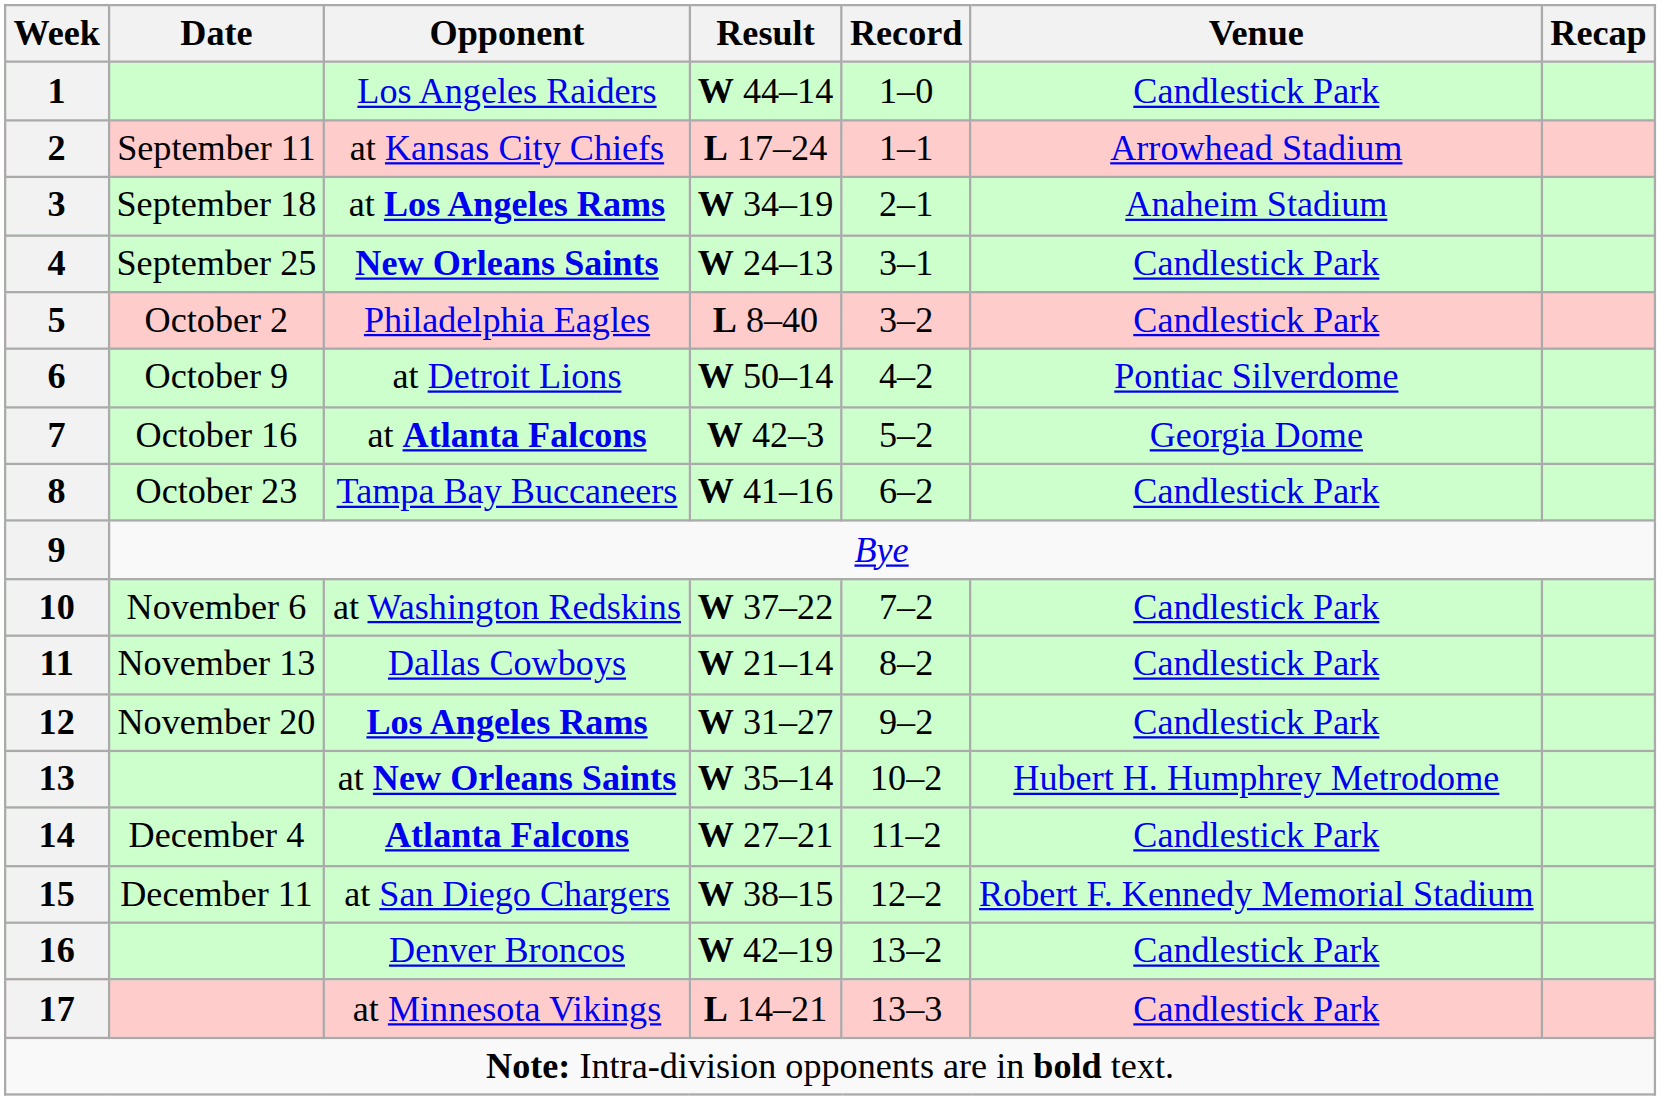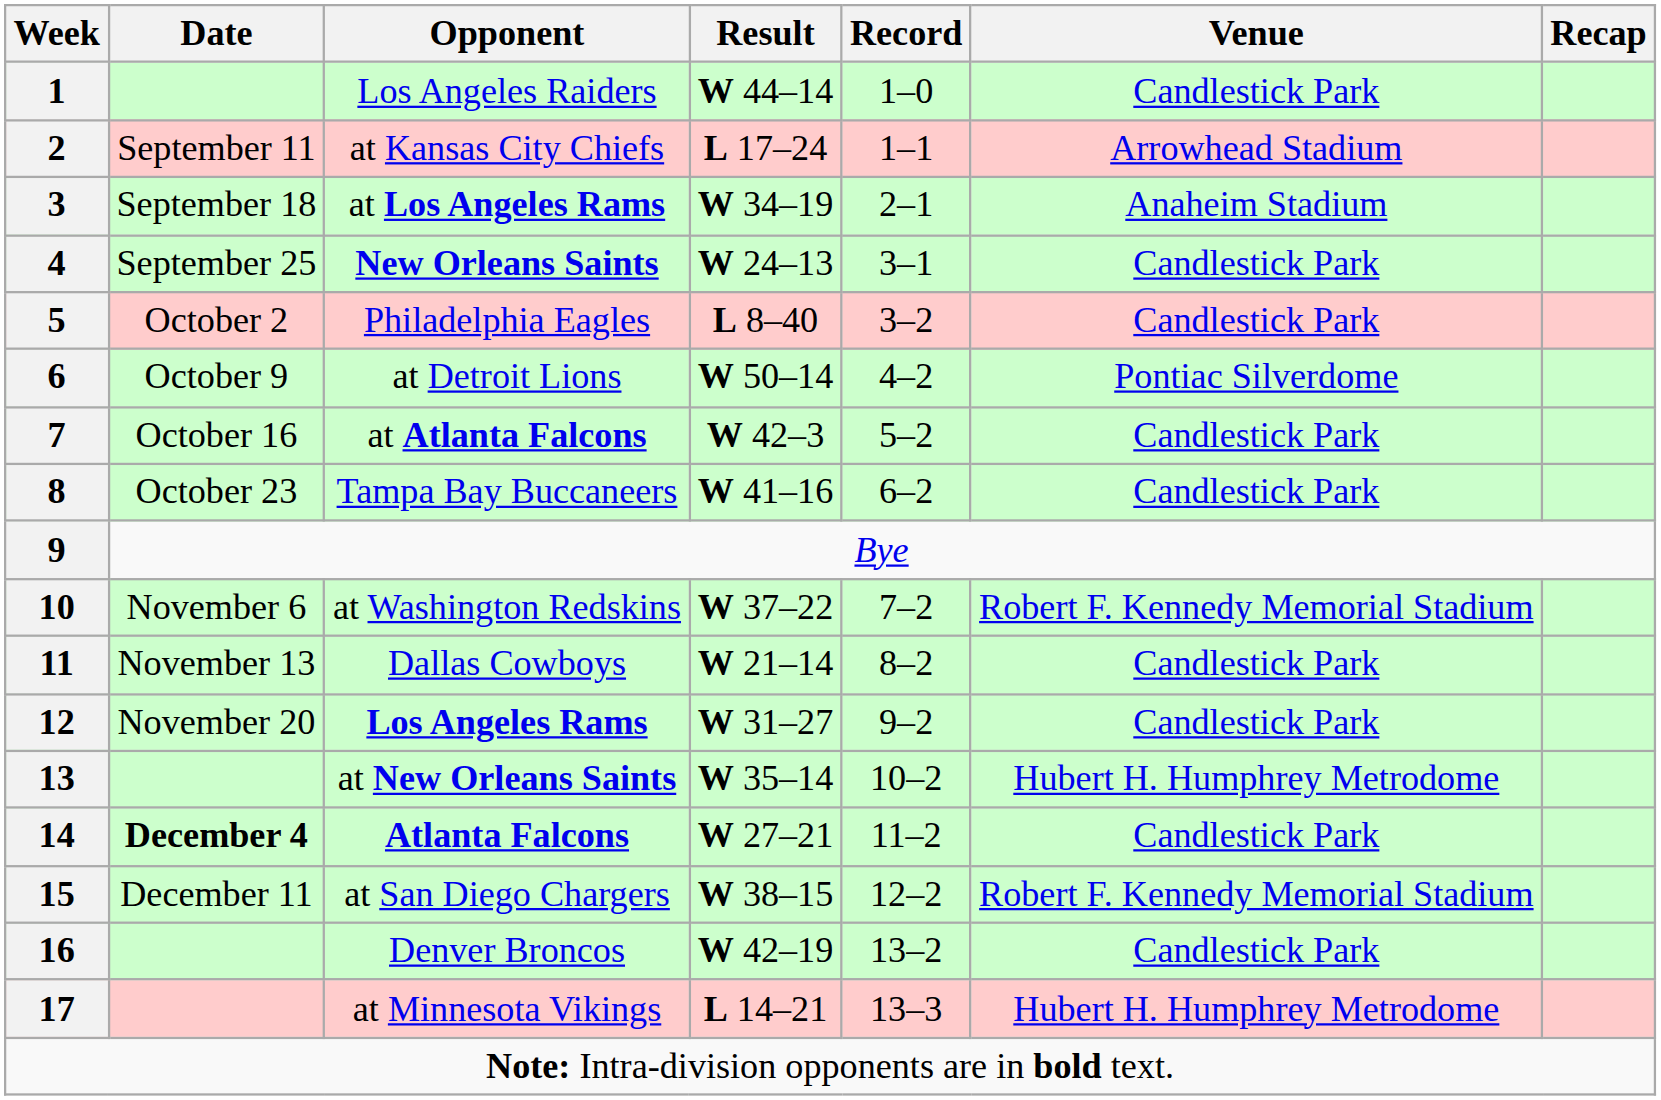 <table class="wikitable" style="text-align:center">
 <tr>
 <th>Week</th>
 <th>Date</th>
 <th>Opponent</th>
 <th>Result</th>
 <th>Record</th>
 <th>Venue</th>
 <th>Recap</th>
 </tr>
 <tr style="background:#cfc">
 <th>1</th>
 <td></td>
 <td><a href='#'>Los Angeles Raiders</a></td>
 <td><strong>W</strong> 44–14</td>
 <td>1–0</td>
 <td><a href='#'>Candlestick Park</a></td>
 <td></td>
 </tr>
 <tr style="background:#fcc">
 <th>2</th>
 <td>September 11</td>
 <td>at <a href='#'>Kansas City Chiefs</a></td>
 <td><strong>L</strong> 17–24</td>
 <td>1–1</td>
 <td><a href='#'>Arrowhead Stadium</a></td>
 <td></td>
 </tr>
 <tr style="background:#cfc">
 <th>3</th>
 <td>September 18</td>
 <td>at <strong><a href='#'>Los Angeles Rams</a></strong></td>
 <td><strong>W</strong> 34–19</td>
 <td>2–1</td>
 <td><a href='#'>Anaheim Stadium</a></td>
 <td></td>
 </tr>
 <tr style="background:#cfc">
 <th>4</th>
 <td>September 25</td>
 <td><strong><a href='#'>New Orleans Saints</a></strong></td>
 <td><strong>W</strong> 24–13</td>
 <td>3–1</td>
 <td><a href='#'>Candlestick Park</a></td>
 <td></td>
 </tr>
 <tr style="background:#fcc">
 <th>5</th>
 <td>October 2</td>
 <td><a href='#'>Philadelphia Eagles</a></td>
 <td><strong>L</strong> 8–40</td>
 <td>3–2</td>
 <td><a href='#'>Candlestick Park</a></td>
 <td></td>
 </tr>
 <tr style="background:#cfc">
 <th>6</th>
 <td>October 9</td>
 <td>at <a href='#'>Detroit Lions</a></td>
 <td><strong>W</strong> 50–14</td>
 <td>4–2</td>
 <td><a href='#'>Pontiac Silverdome</a></td>
 <td></td>
 </tr>
 <tr style="background:#cfc">
 <th>7</th>
 <td>October 16</td>
 <td>at <strong><a href='#'>Atlanta Falcons</a></strong></td>
 <td><strong>W</strong> 42–3</td>
 <td>5–2</td>
-<td><a href='#'>Georgia Dome</a></td>
+<td><a href='#'>Candlestick Park</a></td>
 <td></td>
 </tr>
 <tr style="background:#cfc">
 <th>8</th>
 <td>October 23</td>
 <td><a href='#'>Tampa Bay Buccaneers</a></td>
 <td><strong>W</strong> 41–16</td>
 <td>6–2</td>
 <td><a href='#'>Candlestick Park</a></td>
 <td></td>
 </tr>
 <tr>
 <th>9</th>
 <td colspan=6  align=center><em><a href='#'>Bye</a></em></td>
 </tr>
 <tr style="background:#cfc">
 <th>10</th>
 <td>November 6</td>
 <td>at <a href='#'>Washington Redskins</a></td>
 <td><strong>W</strong>  37–22</td>
 <td>7–2</td>
-<td><a href='#'>Candlestick Park</a></td>
+<td><a href='#'>Robert F. Kennedy Memorial Stadium</a></td>
 <td></td>
 </tr>
 <tr style="background:#cfc">
 <th>11</th>
 <td>November 13</td>
 <td><a href='#'>Dallas Cowboys</a></td>
 <td><strong>W</strong> 21–14</td>
 <td>8–2</td>
 <td><a href='#'>Candlestick Park</a></td>
 <td></td>
 </tr>
 <tr style="background:#cfc">
 <th>12</th>
 <td>November 20</td>
 <td><strong><a href='#'>Los Angeles Rams</a></strong></td>
 <td><strong>W</strong> 31–27</td>
 <td>9–2</td>
 <td><a href='#'>Candlestick Park</a></td>
 <td></td>
 </tr>
 <tr style="background:#cfc">
 <th>13</th>
 <td></td>
 <td>at <strong><a href='#'>New Orleans Saints</a></strong></td>
 <td><strong>W</strong>  35–14</td>
 <td>10–2</td>
 <td><a href='#'>Hubert H. Humphrey Metrodome</a></td>
 <td></td>
 </tr>
 <tr style="background:#cfc">
 <th>14</th>
-<td>December 4</td>
+<td><strong>December 4</strong></td>
 <td><strong><a href='#'>Atlanta Falcons</a></strong></td>
 <td><strong>W</strong> 27–21</td>
 <td>11–2</td>
 <td><a href='#'>Candlestick Park</a></td>
 <td></td>
 </tr>
 <tr style="background:#cfc">
 <th>15</th>
 <td>December 11</td>
 <td>at <a href='#'>San Diego Chargers</a></td>
 <td><strong>W</strong> 38–15</td>
 <td>12–2</td>
 <td><a href='#'>Robert F. Kennedy Memorial Stadium</a></td>
 <td></td>
 </tr>
 <tr style="background:#cfc">
 <th>16</th>
 <td></td>
 <td><a href='#'>Denver Broncos</a></td>
 <td><strong>W</strong> 42–19</td>
 <td>13–2</td>
 <td><a href='#'>Candlestick Park</a></td>
 <td></td>
 </tr>
 <tr style="background:#fcc">
 <th>17</th>
 <td></td>
 <td>at <a href='#'>Minnesota Vikings</a></td>
 <td><strong>L</strong> 14–21</td>
 <td>13–3</td>
-<td><a href='#'>Candlestick Park</a></td>
+<td><a href='#'>Hubert H. Humphrey Metrodome</a></td>
 <td></td>
 </tr>
 <tr>
 <td colspan="8"><strong>Note:</strong> Intra-division opponents are in <strong>bold</strong> text.</td>
 </tr>
 </table>
